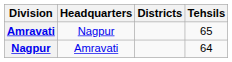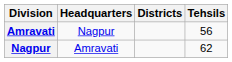 <table class=wikitable style="text-align:center">
 <tr>
 <th>Division</th>
 <th>Headquarters</th>
 <th>Districts</th>
 <th>Tehsils</th>
 </tr>
 <tr>
 <th><a href='#'>Amravati</a></th>
 <td><a href='#'>Nagpur</a></td>
 <td></td>
-<td>65</td>
+<td>56</td>
 </tr>
 <tr>
 <th><a href='#'>Nagpur</a></th>
 <td><a href='#'>Amravati</a></td>
 <td></td>
-<td>64</td>
+<td>62</td>
 </tr>
 </table>
